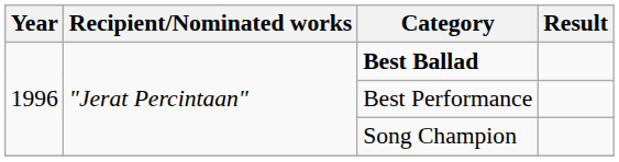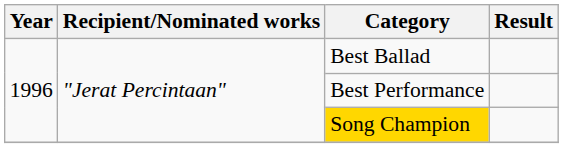 <table class="wikitable">
 <tr>
 <th>Year</th>
 <th>Recipient/Nominated works</th>
 <th>Category</th>
 <th>Result</th>
 </tr>
 <tr>
 <td rowspan="3">1996</td>
 <td rowspan="3"><em>"Jerat Percintaan"</em></td>
-<td rowspan="1"><strong>Best Ballad</strong></td>
+<td rowspan="1">Best Ballad</td>
 <td></td>
 </tr>
 <tr>
 <td>Best Performance</td>
 <td></td>
 </tr>
 <tr>
-<td>Song Champion</td>
+<td style="background: gold;">Song Champion</td>
 <td></td>
 </tr>
 <tr>
 </tr>
 </table>
